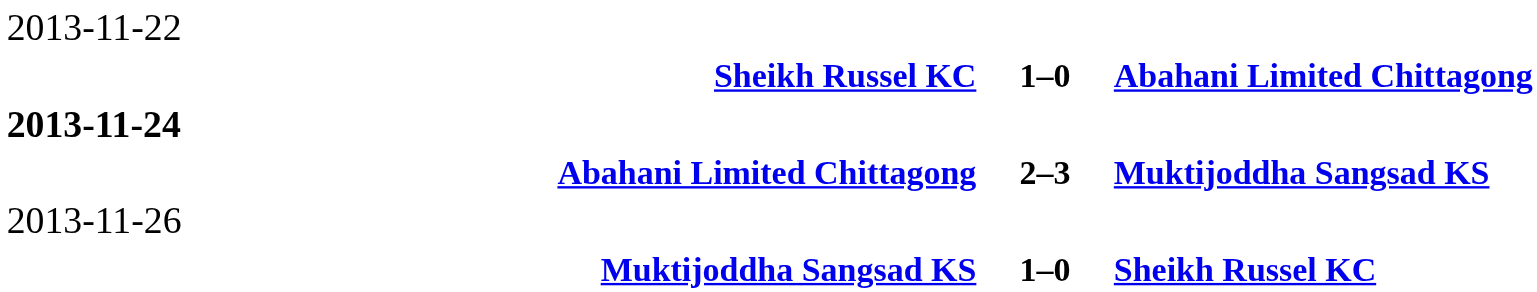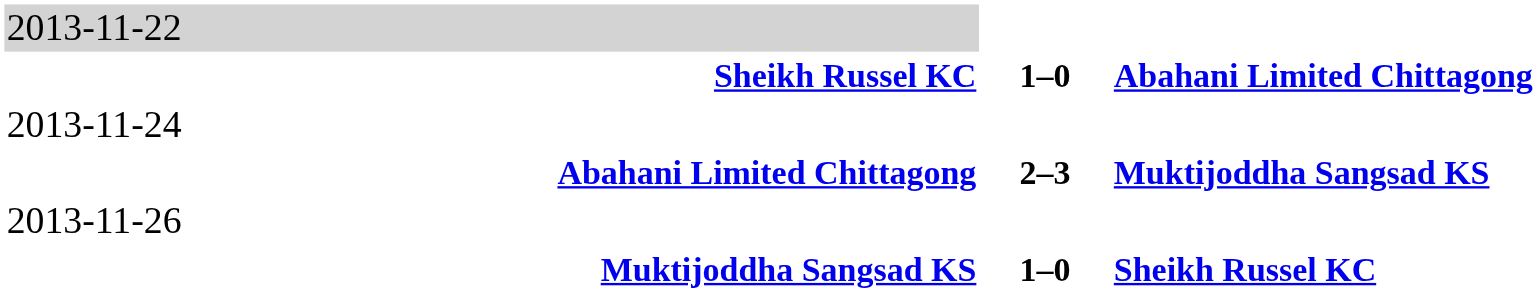 <table width=100% cellspacing=1>
 <tr>
 <th></th>
 <th></th>
 <th></th>
 </tr>
 <tr>
-<td>2013-11-22</td>
+<td style="background: lightgrey;">2013-11-22</td>
 </tr>
 <tr style=font-size:90%>
 <td align=right><strong><a href='#'>Sheikh Russel KC</a></strong></td>
 <td align=center><strong>1–0</strong></td>
 <td><strong><a href='#'>Abahani Limited Chittagong</a></strong></td>
 </tr>
 <tr>
-<td><strong>2013-11-24</strong></td>
+<td>2013-11-24</td>
 </tr>
 <tr style=font-size:90%>
 <td align=right><strong><a href='#'>Abahani Limited Chittagong</a></strong></td>
 <td align=center><strong>2–3</strong></td>
 <td><strong><a href='#'>Muktijoddha Sangsad KS</a></strong></td>
 </tr>
 <tr>
 <td>2013-11-26</td>
 </tr>
 <tr style=font-size:90%>
 <td align=right><strong><a href='#'>Muktijoddha Sangsad KS</a></strong></td>
 <td align=center><strong>1–0</strong></td>
 <td><strong><a href='#'>Sheikh Russel KC</a></strong></td>
 </tr>
 <tr>
 </tr>
 </table>
